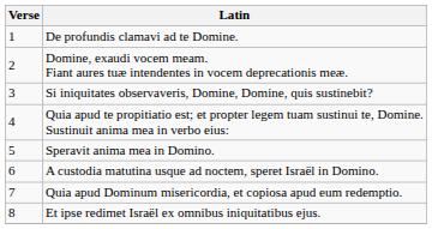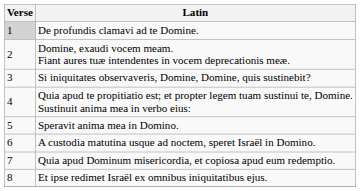 <table class="wikitable">
 <tr>
 <th>Verse</th>
 <th>Latin</th>
 </tr>
 <tr>
-<td style="text-align:left">1</td>
+<td style="background: lightgrey; text-align:left">1</td>
 <td style="text-align:left">De profundis clamavi ad te Domine.</td>
 </tr>
 <tr>
 <td style="text-align:left">2</td>
 <td style="text-align:left">Domine, exaudi vocem meam.<br>Fiant aures tuæ intendentes in vocem deprecationis meæ.</td>
 </tr>
 <tr>
 <td style="text-align:left">3</td>
 <td style="text-align:left">Si iniquitates observaveris, Domine, Domine, quis sustinebit?</td>
 </tr>
 <tr>
 <td style="text-align:left">4</td>
 <td style="text-align:left">Quia apud te propitiatio est; et propter legem tuam sustinui te, Domine.<br>Sustinuit anima mea in verbo eius:</td>
 </tr>
 <tr>
 <td style="text-align:left">5</td>
 <td style="text-align:left">Speravit anima mea in Domino.</td>
 </tr>
 <tr>
 <td style="text-align:left">6</td>
 <td style="text-align:left">A custodia matutina usque ad noctem, speret Israël in Domino.</td>
 </tr>
 <tr>
 <td style="text-align:left">7</td>
 <td style="text-align:left">Quia apud Dominum misericordia, et copiosa apud eum redemptio.</td>
 </tr>
 <tr>
 <td style="text-align:left">8</td>
 <td style="text-align:left">Et ipse redimet Israël ex omnibus iniquitatibus ejus.</td>
 </tr>
 <tr>
 </tr>
 </table>
